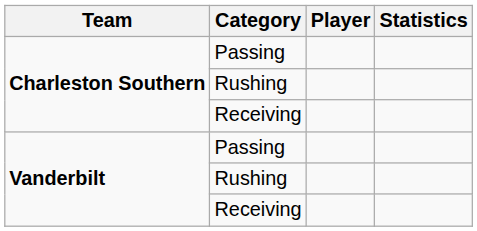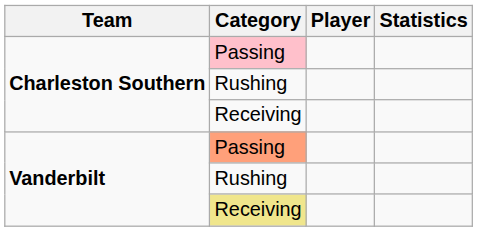 <table class="wikitable" style="float: right;">
 <tr>
 <th>Team</th>
 <th>Category</th>
 <th>Player</th>
 <th>Statistics</th>
 </tr>
 <tr>
 <td rowspan=3><strong>Charleston Southern</strong></td>
-<td>Passing</td>
+<td style="background: pink;">Passing</td>
 <td></td>
 <td></td>
 </tr>
 <tr>
 <td>Rushing</td>
 <td></td>
 <td></td>
 </tr>
 <tr>
 <td>Receiving</td>
 <td></td>
 <td></td>
 </tr>
 <tr>
 <td rowspan=3><strong>Vanderbilt</strong></td>
-<td>Passing</td>
+<td style="background: lightsalmon;">Passing</td>
 <td></td>
 <td></td>
 </tr>
 <tr>
 <td>Rushing</td>
 <td></td>
 <td></td>
 </tr>
 <tr>
-<td>Receiving</td>
+<td style="background: khaki;">Receiving</td>
 <td></td>
 <td></td>
 </tr>
 </table>
